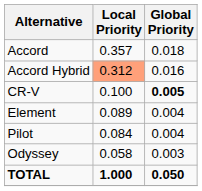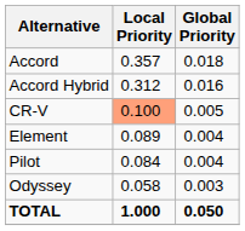 <table class="wikitable" | align="center">
 <tr>
 <th>Alternative</th>
 <th>Local<br>Priority</th>
 <th>Global<br>Priority</th>
 </tr>
 <tr>
 <td>Accord</td>
 <td> 0.357</td>
 <td> 0.018</td>
 </tr>
 <tr>
 <td>Accord Hybrid</td>
-<td style="background: lightsalmon;"> 0.312</td>
+<td> 0.312</td>
 <td> 0.016</td>
 </tr>
 <tr>
 <td>CR-V</td>
-<td> 0.100</td>
-<td><strong> 0.005</strong></td>
+<td style="background: lightsalmon;"> 0.100</td>
+<td> 0.005</td>
 </tr>
 <tr>
 <td>Element</td>
 <td> 0.089</td>
 <td> 0.004</td>
 </tr>
 <tr>
 <td>Pilot</td>
 <td> 0.084</td>
 <td> 0.004</td>
 </tr>
 <tr>
 <td>Odyssey</td>
 <td> 0.058</td>
 <td> 0.003</td>
 </tr>
 <tr>
 <td><strong>TOTAL</strong></td>
 <td><strong> 1.000</strong></td>
 <td><strong> 0.050</strong></td>
 </tr>
 <tr>
 </tr>
 </table>
